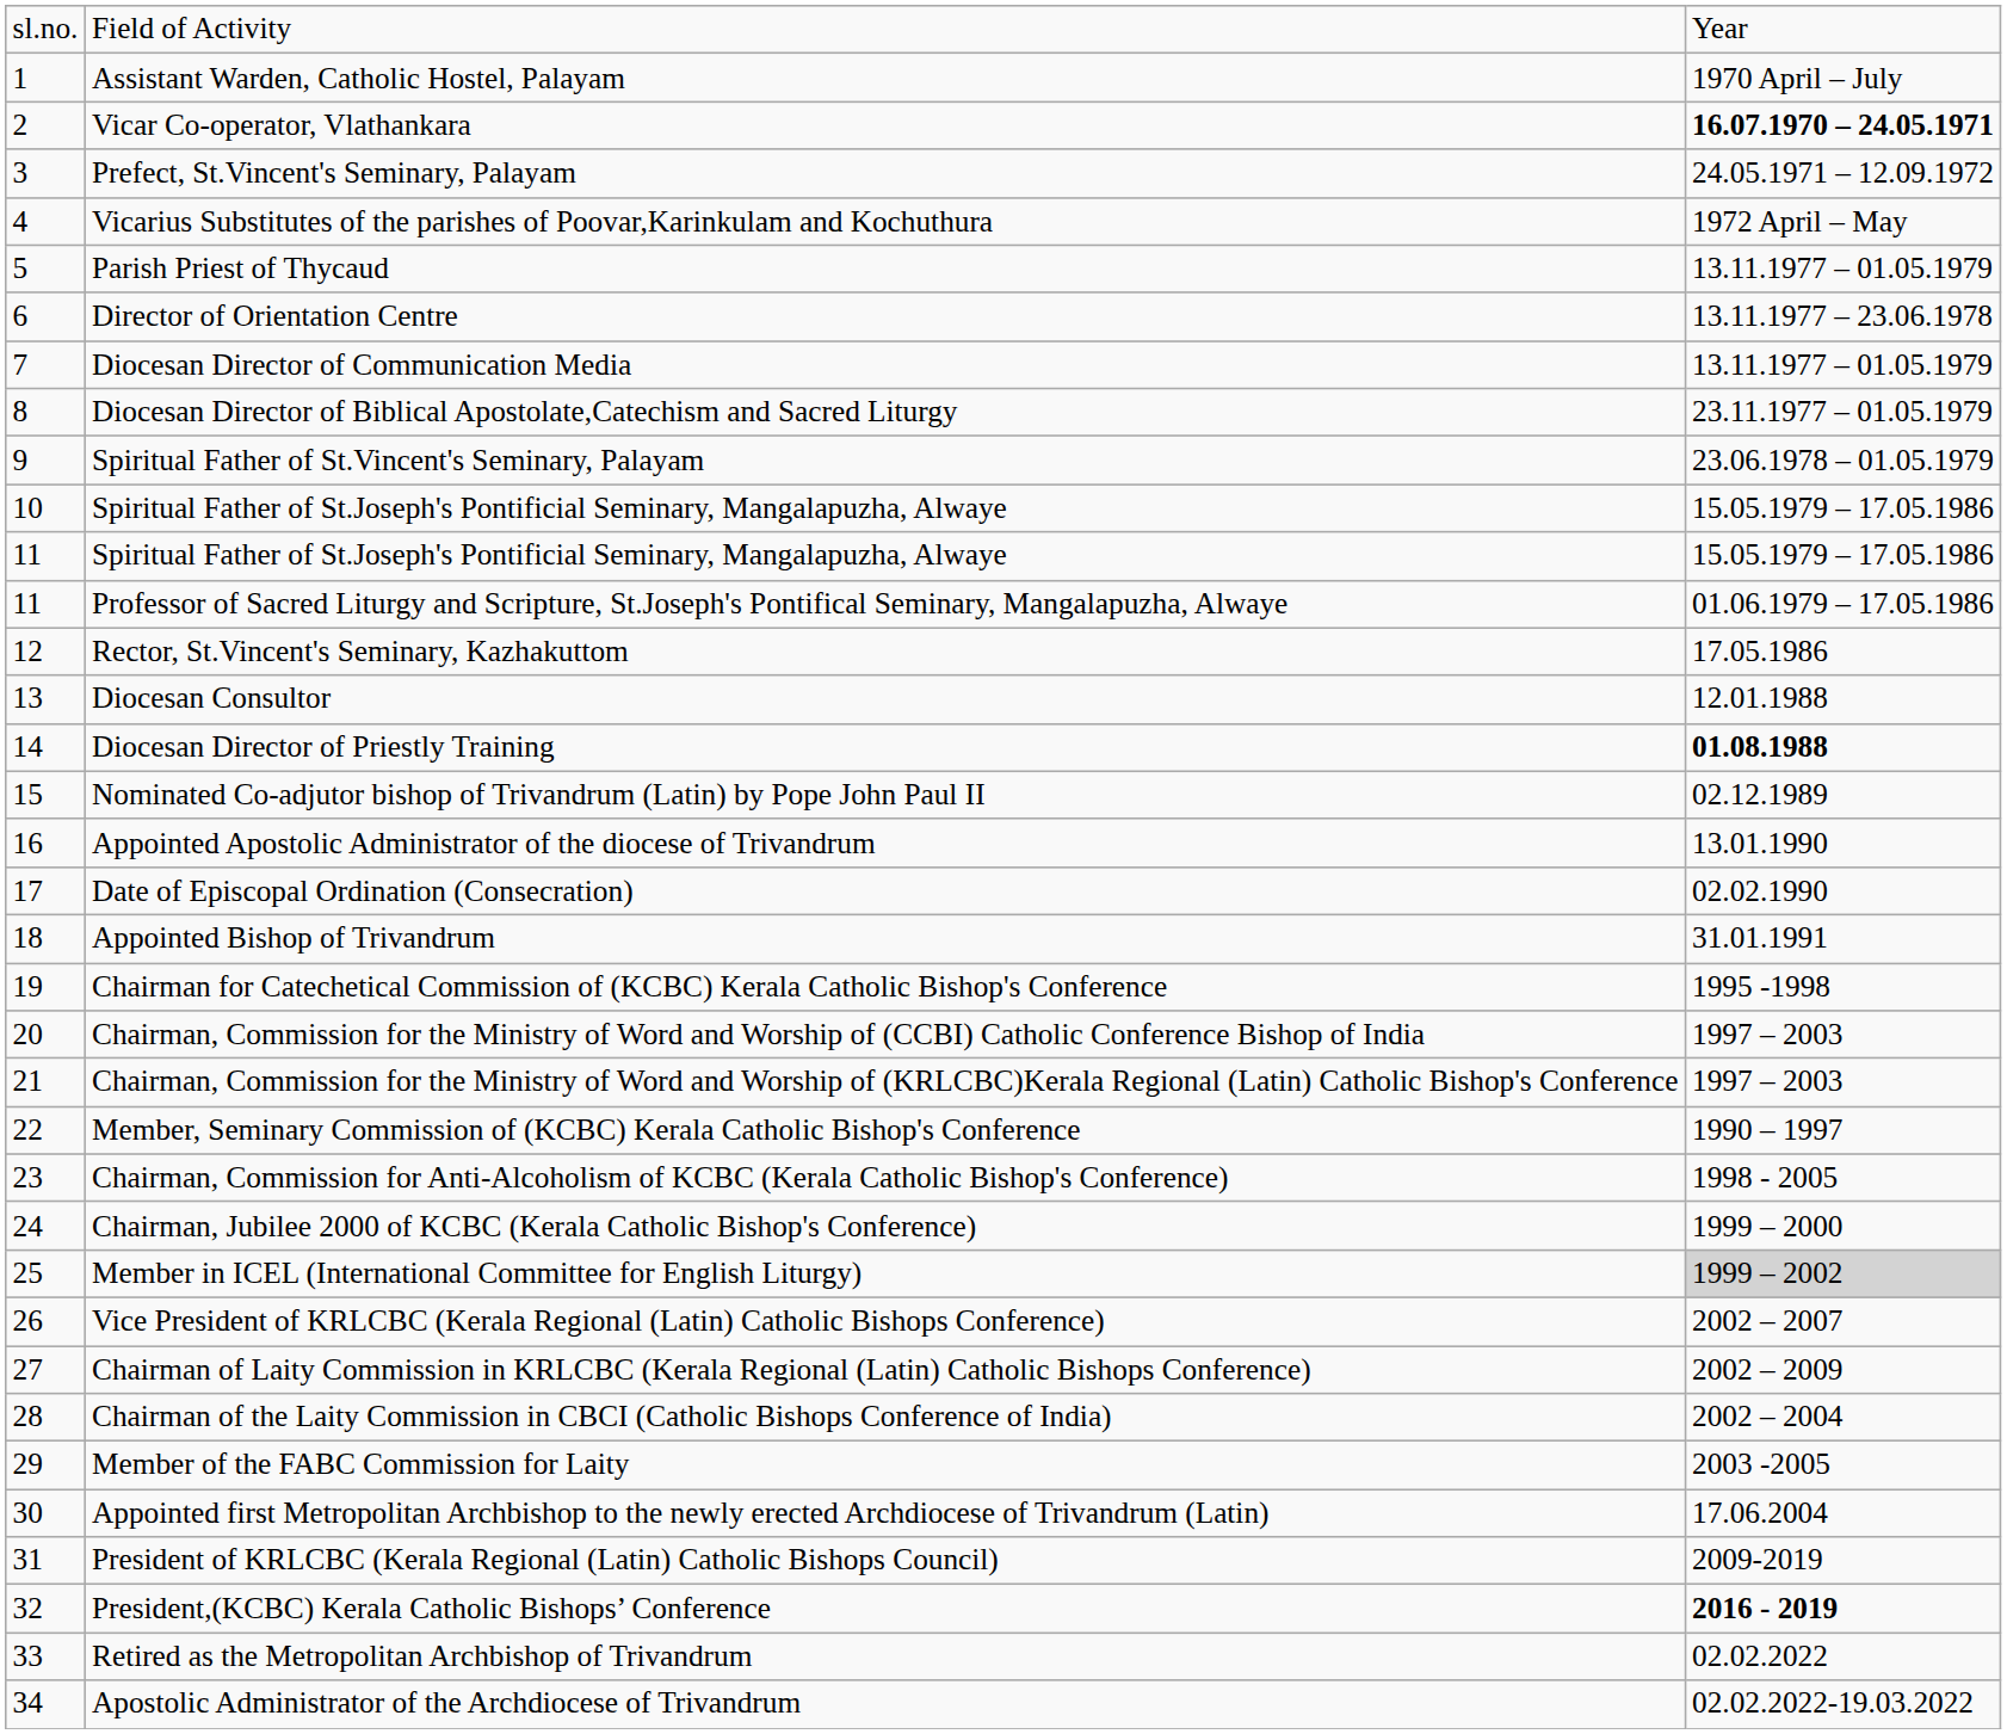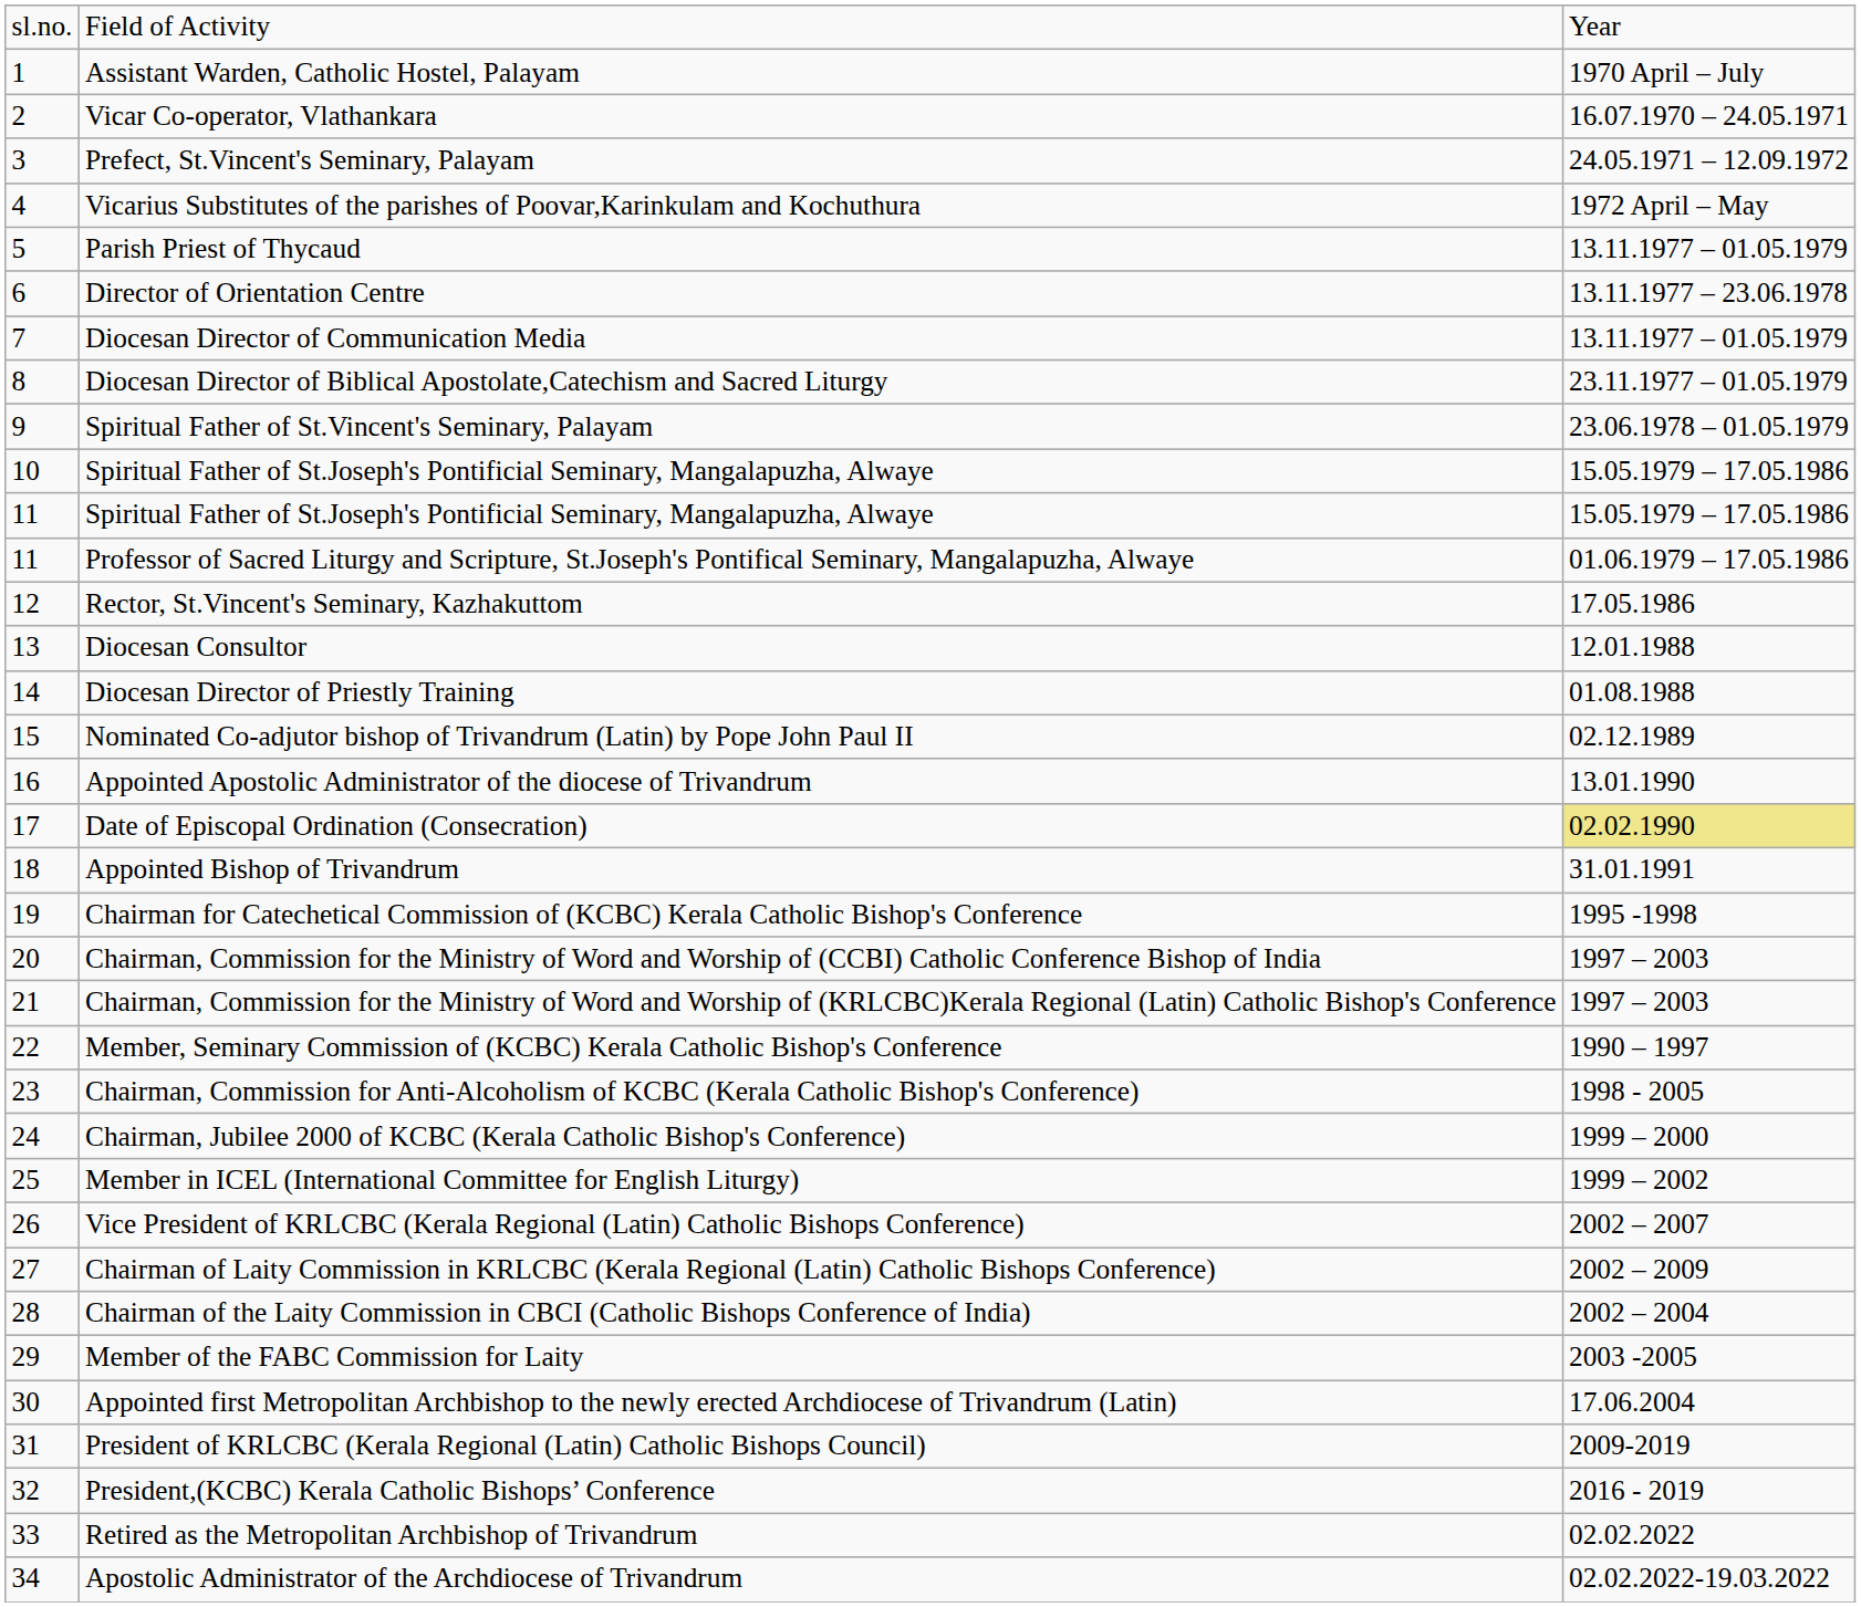 <table class="wikitable">
 <tr>
 <td>sl.no.</td>
 <td>Field of Activity</td>
 <td>Year</td>
 </tr>
 <tr>
 <td>1</td>
 <td>Assistant Warden, Catholic Hostel, Palayam</td>
 <td>1970 April – July</td>
 </tr>
 <tr>
 <td>2</td>
 <td>Vicar Co-operator, Vlathankara</td>
-<td><strong>16.07.1970 – 24.05.1971</strong></td>
+<td>16.07.1970 – 24.05.1971</td>
 </tr>
 <tr>
 <td>3</td>
 <td>Prefect, St.Vincent's Seminary, Palayam</td>
 <td>24.05.1971 – 12.09.1972</td>
 </tr>
 <tr>
 <td>4</td>
 <td>Vicarius Substitutes of the parishes of Poovar,Karinkulam and Kochuthura</td>
 <td>1972 April – May</td>
 </tr>
 <tr>
 <td>5</td>
 <td>Parish Priest of Thycaud</td>
 <td>13.11.1977 – 01.05.1979</td>
 </tr>
 <tr>
 <td>6</td>
 <td>Director of Orientation Centre</td>
 <td>13.11.1977 – 23.06.1978</td>
 </tr>
 <tr>
 <td>7</td>
 <td>Diocesan Director of Communication Media</td>
 <td>13.11.1977 – 01.05.1979</td>
 </tr>
 <tr>
 <td>8</td>
 <td>Diocesan Director of Biblical Apostolate,Catechism and Sacred Liturgy</td>
 <td>23.11.1977 – 01.05.1979</td>
 </tr>
 <tr>
 <td>9</td>
 <td>Spiritual Father of St.Vincent's Seminary, Palayam</td>
 <td>23.06.1978 – 01.05.1979</td>
 </tr>
 <tr>
 <td>10</td>
 <td>Spiritual Father of St.Joseph's Pontificial Seminary, Mangalapuzha, Alwaye</td>
 <td>15.05.1979 – 17.05.1986</td>
 </tr>
 <tr>
 <td>11</td>
 <td>Spiritual Father of St.Joseph's Pontificial Seminary, Mangalapuzha, Alwaye</td>
 <td>15.05.1979 – 17.05.1986</td>
 </tr>
 <tr>
 <td>11</td>
 <td>Professor of Sacred Liturgy and Scripture, St.Joseph's Pontifical Seminary, Mangalapuzha, Alwaye</td>
 <td>01.06.1979 – 17.05.1986</td>
 </tr>
 <tr>
 <td>12</td>
 <td>Rector, St.Vincent's Seminary, Kazhakuttom</td>
 <td>17.05.1986</td>
 </tr>
 <tr>
 <td>13</td>
 <td>Diocesan Consultor</td>
 <td>12.01.1988</td>
 </tr>
 <tr>
 <td>14</td>
 <td>Diocesan Director of Priestly Training</td>
-<td><strong>01.08.1988</strong></td>
+<td>01.08.1988</td>
 </tr>
 <tr>
 <td>15</td>
 <td>Nominated Co-adjutor bishop of Trivandrum (Latin) by Pope John Paul II</td>
 <td>02.12.1989</td>
 </tr>
 <tr>
 <td>16</td>
 <td>Appointed Apostolic Administrator of the diocese of Trivandrum</td>
 <td>13.01.1990</td>
 </tr>
 <tr>
 <td>17</td>
 <td>Date of Episcopal Ordination (Consecration)</td>
-<td>02.02.1990</td>
+<td style="background: khaki;">02.02.1990</td>
 </tr>
 <tr>
 <td>18</td>
 <td>Appointed Bishop of Trivandrum</td>
 <td>31.01.1991</td>
 </tr>
 <tr>
 <td>19</td>
 <td>Chairman for Catechetical Commission of (KCBC) Kerala Catholic Bishop's Conference</td>
 <td>1995 -1998</td>
 </tr>
 <tr>
 <td>20</td>
 <td>Chairman, Commission for the Ministry of Word and Worship of (CCBI) Catholic Conference Bishop of India</td>
 <td>1997 – 2003</td>
 </tr>
 <tr>
 <td>21</td>
 <td>Chairman, Commission for the Ministry of Word and Worship of (KRLCBC)Kerala Regional (Latin) Catholic Bishop's Conference</td>
 <td>1997 – 2003</td>
 </tr>
 <tr>
 <td>22</td>
 <td>Member, Seminary Commission of (KCBC) Kerala Catholic Bishop's Conference</td>
 <td>1990 – 1997</td>
 </tr>
 <tr>
 <td>23</td>
 <td>Chairman, Commission for Anti-Alcoholism of KCBC (Kerala Catholic Bishop's Conference)</td>
 <td>1998 - 2005</td>
 </tr>
 <tr>
 <td>24</td>
 <td>Chairman, Jubilee 2000 of KCBC (Kerala Catholic Bishop's Conference)</td>
 <td>1999 – 2000</td>
 </tr>
 <tr>
 <td>25</td>
 <td>Member in ICEL (International Committee for English Liturgy)</td>
-<td style="background: lightgrey;">1999 – 2002</td>
+<td>1999 – 2002</td>
 </tr>
 <tr>
 <td>26</td>
 <td>Vice President of KRLCBC (Kerala Regional (Latin) Catholic Bishops Conference)</td>
 <td>2002 – 2007</td>
 </tr>
 <tr>
 <td>27</td>
 <td>Chairman of Laity Commission in KRLCBC (Kerala Regional (Latin) Catholic Bishops Conference)</td>
 <td>2002 – 2009</td>
 </tr>
 <tr>
 <td>28</td>
 <td>Chairman of the Laity Commission in CBCI (Catholic Bishops Conference of India)</td>
 <td>2002 – 2004</td>
 </tr>
 <tr>
 <td>29</td>
 <td>Member of the FABC Commission for Laity</td>
 <td>2003 -2005</td>
 </tr>
 <tr>
 <td>30</td>
 <td>Appointed first Metropolitan Archbishop to the newly erected Archdiocese of Trivandrum (Latin)</td>
 <td>17.06.2004</td>
 </tr>
 <tr>
 <td>31</td>
 <td>President of KRLCBC (Kerala Regional (Latin) Catholic Bishops Council)</td>
 <td>2009-2019</td>
 </tr>
 <tr>
 <td>32</td>
 <td>President,(KCBC) Kerala Catholic Bishops’ Conference</td>
-<td><strong>2016 - 2019</strong></td>
+<td>2016 - 2019</td>
 </tr>
 <tr>
 <td>33</td>
 <td>Retired as the Metropolitan Archbishop of Trivandrum</td>
 <td>02.02.2022</td>
 </tr>
 <tr>
 <td>34</td>
 <td>Apostolic Administrator of the Archdiocese of Trivandrum</td>
 <td>02.02.2022-19.03.2022</td>
 </tr>
 </table>
